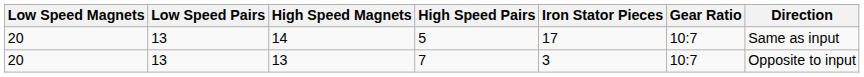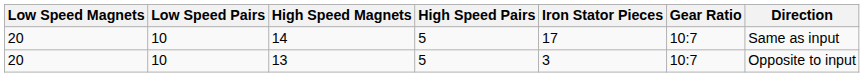 <table class="wikitable">
 <tr>
 <th>Low Speed Magnets</th>
 <th>Low Speed Pairs</th>
 <th>High Speed Magnets</th>
 <th>High Speed Pairs</th>
 <th>Iron Stator Pieces</th>
 <th>Gear Ratio</th>
 <th>Direction</th>
 </tr>
 <tr>
 <td>20</td>
-<td>13</td>
+<td>10</td>
 <td>14</td>
 <td>5</td>
 <td>17</td>
 <td>10:7</td>
 <td>Same as input</td>
 </tr>
 <tr>
 <td>20</td>
+<td>10</td>
 <td>13</td>
-<td>13</td>
-<td>7</td>
+<td>5</td>
 <td>3</td>
 <td>10:7</td>
 <td>Opposite to input</td>
 </tr>
 </table>
